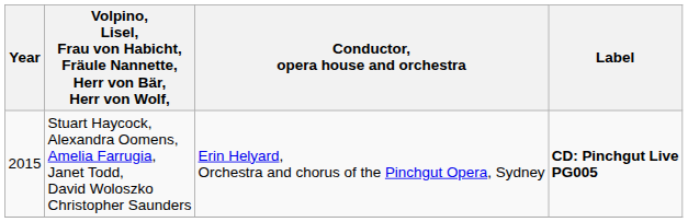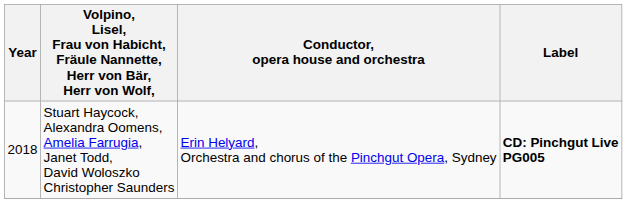 <table class="wikitable">
 <tr>
 <th>Year</th>
 <th>Volpino,<br>Lisel,<br>Frau von Habicht,<br>Fräule Nannette,<br> Herr von Bär,<br>Herr von Wolf,</th>
 <th>Conductor,<br>opera house and orchestra</th>
 <th>Label</th>
 </tr>
 <tr>
-<td>2015</td>
+<td>2018</td>
 <td>Stuart Haycock,<br>Alexandra Oomens,<br><a href='#'>Amelia Farrugia</a>,<br>Janet Todd,<br>David Woloszko<br>Christopher Saunders<br></td>
 <td><a href='#'>Erin Helyard</a>,<br>Orchestra and chorus of the <a href='#'>Pinchgut Opera</a>, Sydney</td>
 <td><strong>CD: Pinchgut Live<br>PG005</strong></td>
 </tr>
 <tr>
 </tr>
 </table>
